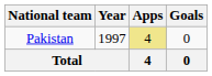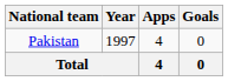 <table class="wikitable" style="text-align:center">
 <tr>
 <th>National team</th>
 <th>Year</th>
 <th>Apps</th>
 <th>Goals</th>
 </tr>
 <tr>
 <td><a href='#'>Pakistan</a></td>
 <td>1997</td>
-<td style="background: khaki;">4</td>
+<td>4</td>
 <td>0</td>
 </tr>
 <tr>
 <th colspan="2">Total</th>
 <th>4</th>
 <th>0</th>
 </tr>
 </table>
